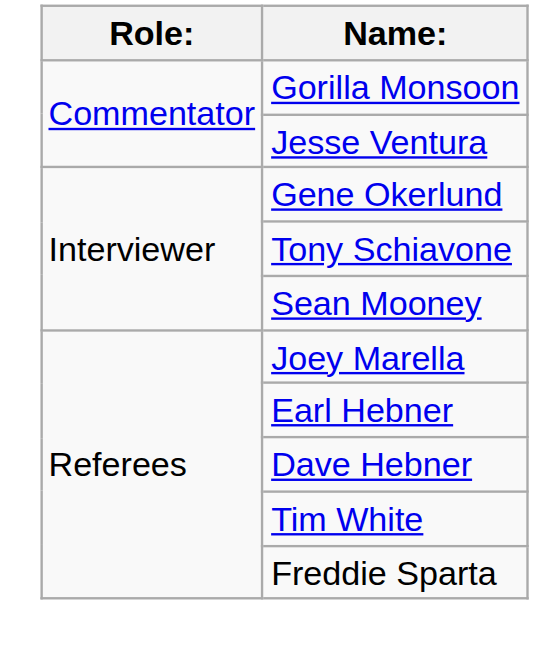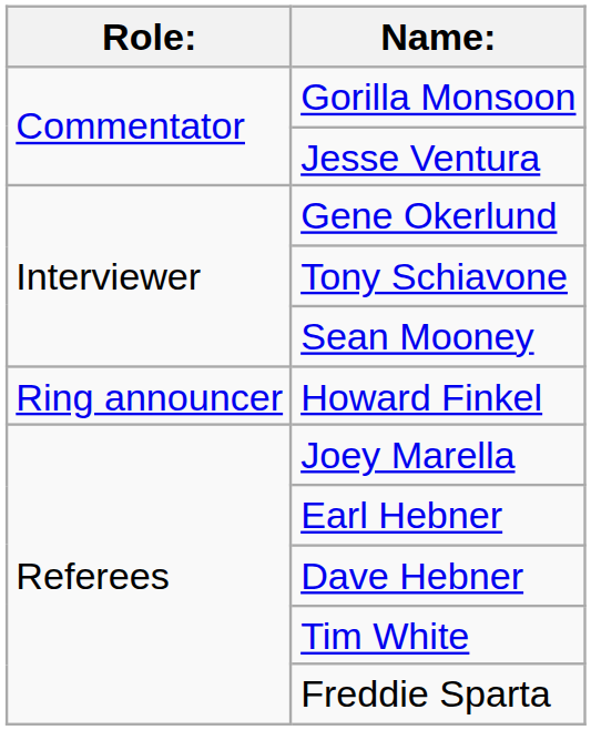 <table class=wikitable style="font-size:90%; margin: 0.5em 0 0.5em 1em; float: right; clear: right;">
 <tr>
 <th>Role:</th>
 <th>Name:</th>
 </tr>
 <tr>
 <td rowspan=2><a href='#'>Commentator</a></td>
 <td><a href='#'>Gorilla Monsoon</a></td>
 </tr>
 <tr>
 <td><a href='#'>Jesse Ventura</a></td>
 </tr>
 <tr>
 <td rowspan=3>Interviewer</td>
 <td><a href='#'>Gene Okerlund</a></td>
 </tr>
 <tr>
 <td><a href='#'>Tony Schiavone</a></td>
 </tr>
 <tr>
 <td><a href='#'>Sean Mooney</a></td>
 </tr>
 <tr>
+<td rowspan=1><a href='#'>Ring announcer</a></td>
+<td><a href='#'>Howard Finkel</a></td>
+</tr>
+<tr>
 <td rowspan=5>Referees</td>
 <td><a href='#'>Joey Marella</a></td>
 </tr>
 <tr>
 <td><a href='#'>Earl Hebner</a></td>
 </tr>
 <tr>
 <td><a href='#'>Dave Hebner</a></td>
 </tr>
 <tr>
 <td><a href='#'>Tim White</a></td>
 </tr>
 <tr>
 <td>Freddie Sparta</td>
 </tr>
 </table>
